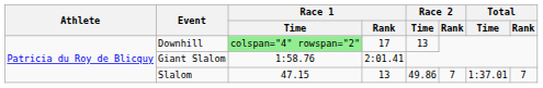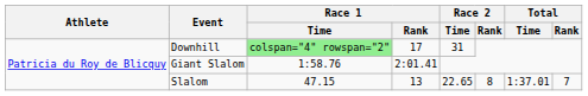 <table class="wikitable" style="font-size:90%">
 <tr>
 <th rowspan="2">Athlete</th>
 <th rowspan="2">Event</th>
 <th colspan="2">Race 1</th>
 <th colspan="2">Race 2</th>
 <th colspan="2">Total</th>
 </tr>
 <tr>
 <th>Time</th>
 <th>Rank</th>
 <th>Time</th>
 <th>Rank</th>
 <th>Time</th>
 <th>Rank</th>
 </tr>
 <tr>
 <td rowspan="3"><a href='#'>Patricia du Roy de Blicquy</a></td>
 <td>Downhill</td>
 <td style="background: lightgreen;">colspan="4" rowspan="2" </td>
 <td align="center">17</td>
-<td align="center">13</td>
+<td align="center">31</td>
 </tr>
 <tr>
 <td>Giant Slalom</td>
 <td align="center">1:58.76</td>
 <td align="center">2:01.41</td>
 </tr>
 <tr>
 <td>Slalom</td>
 <td align="center">47.15</td>
 <td align="center">13</td>
-<td align="center">49.86</td>
-<td align="center">7</td>
+<td align="center">22.65</td>
+<td align="center">8</td>
 <td align="center">1:37.01</td>
 <td align="center">7</td>
 </tr>
 </table>
